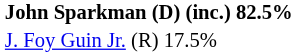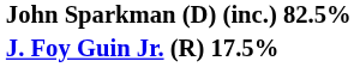 <table>
 <tr>
 <td><strong>John Sparkman (D) (inc.) 82.5%</strong></td>
 </tr>
 <tr>
-<td><a href='#'>J. Foy Guin Jr.</a> (R) 17.5%</td>
+<td><strong><a href='#'>J. Foy Guin Jr.</a> (R) 17.5%</strong></td>
 </tr>
 </table>
